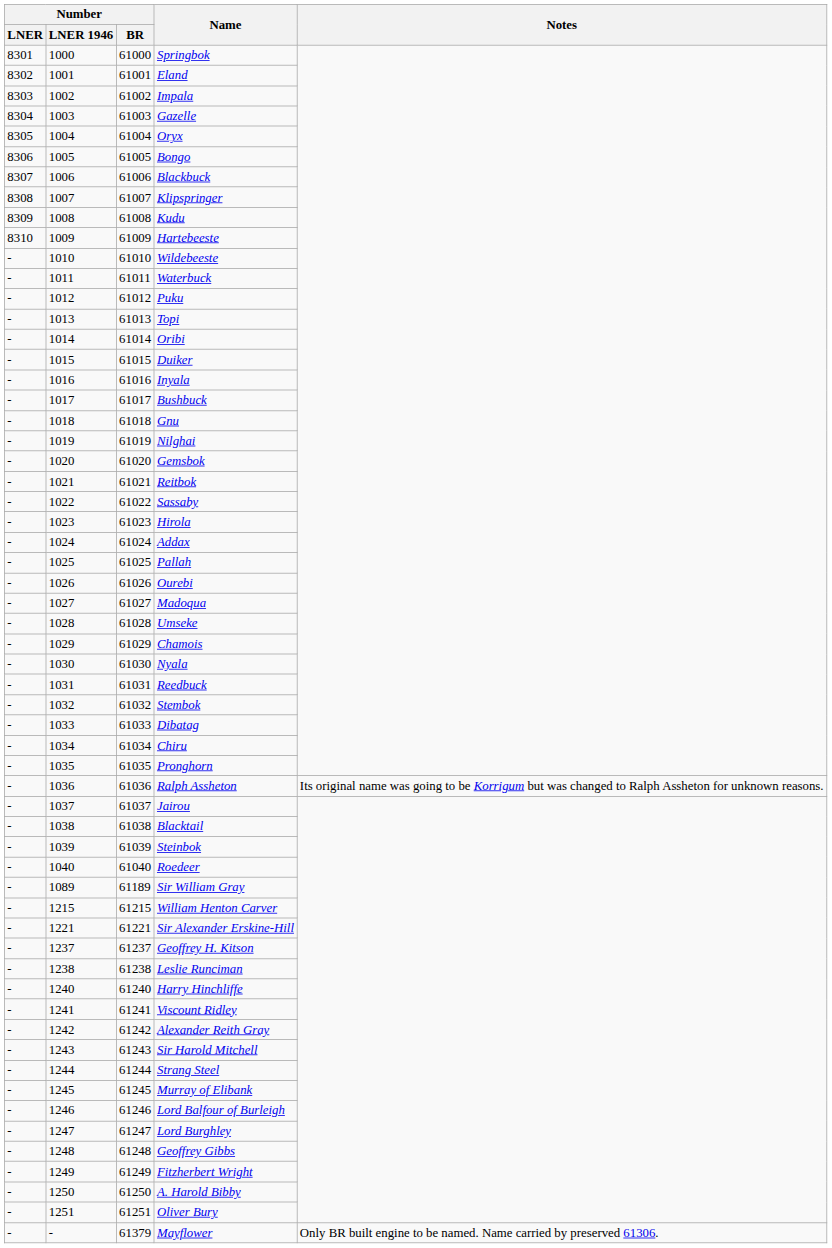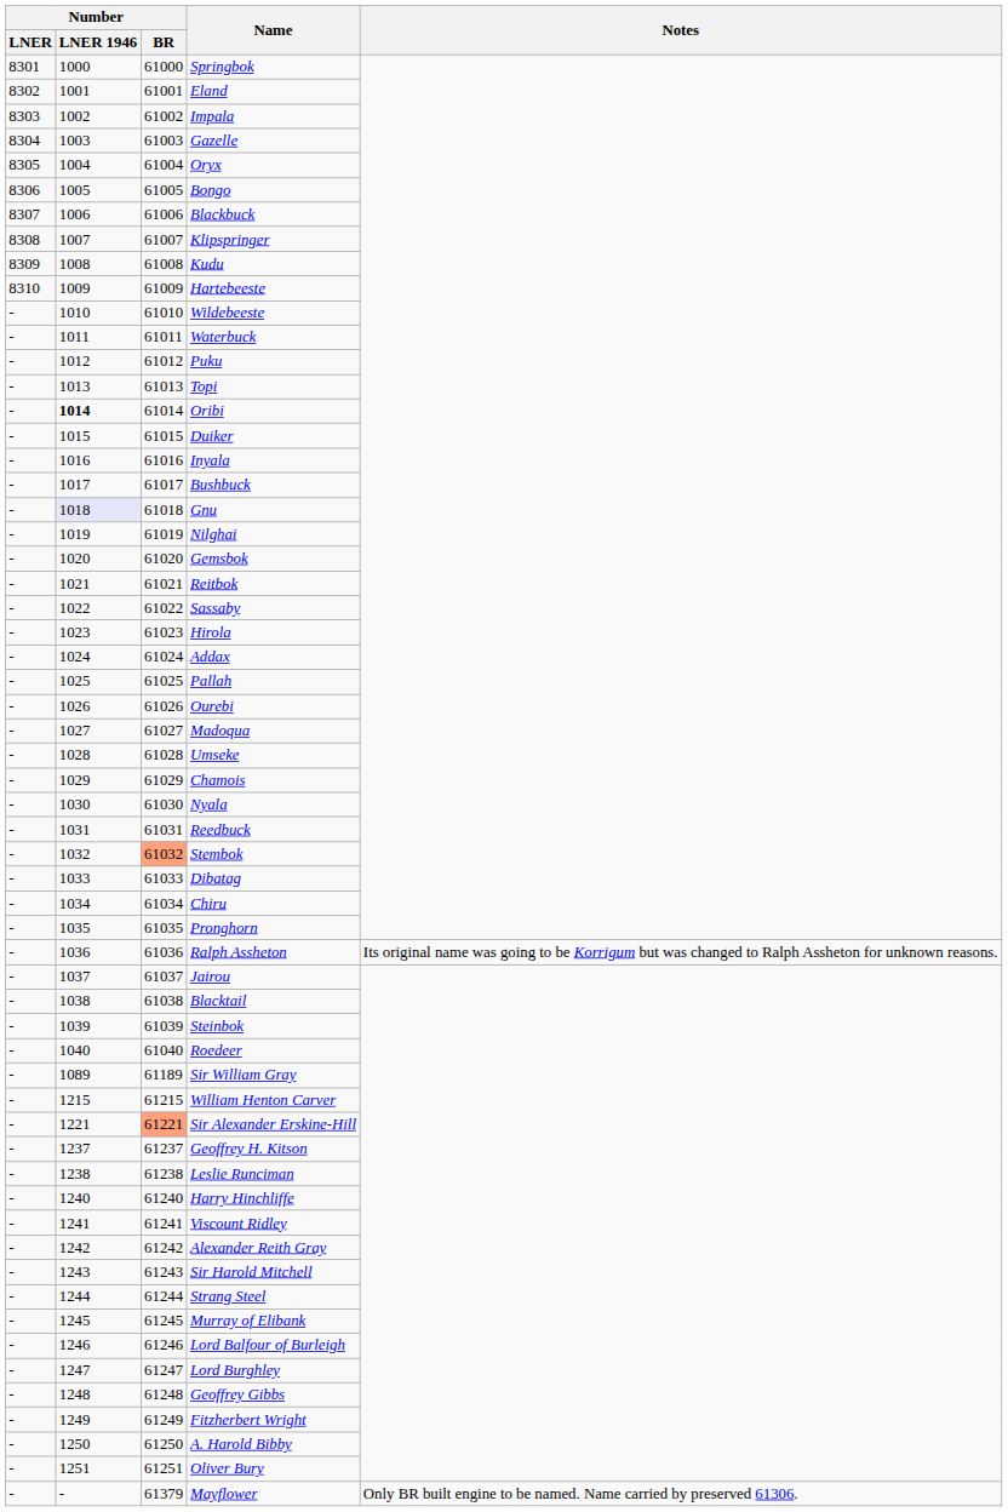 <table class="wikitable collapsible collapsed">
 <tr>
 <th colspan="3">Number</th>
 <th rowspan="2">Name</th>
 <th rowspan="2">Notes</th>
 </tr>
 <tr>
 <th>LNER</th>
 <th>LNER 1946</th>
 <th>BR</th>
 </tr>
 <tr>
 <td>8301</td>
 <td>1000</td>
 <td>61000</td>
 <td><em><a href='#'>Springbok</a></em></td>
 </tr>
 <tr>
 <td>8302</td>
 <td>1001</td>
 <td>61001</td>
 <td><em><a href='#'>Eland</a></em></td>
 </tr>
 <tr>
 <td>8303</td>
 <td>1002</td>
 <td>61002</td>
 <td><em><a href='#'>Impala</a></em></td>
 </tr>
 <tr>
 <td>8304</td>
 <td>1003</td>
 <td>61003</td>
 <td><em><a href='#'>Gazelle</a></em></td>
 </tr>
 <tr>
 <td>8305</td>
 <td>1004</td>
 <td>61004</td>
 <td><em><a href='#'>Oryx</a></em></td>
 </tr>
 <tr>
 <td>8306</td>
 <td>1005</td>
 <td>61005</td>
 <td><em><a href='#'>Bongo</a></em></td>
 </tr>
 <tr>
 <td>8307</td>
 <td>1006</td>
 <td>61006</td>
 <td><em><a href='#'>Blackbuck</a></em></td>
 </tr>
 <tr>
 <td>8308</td>
 <td>1007</td>
 <td>61007</td>
 <td><em><a href='#'>Klipspringer</a></em></td>
 </tr>
 <tr>
 <td>8309</td>
 <td>1008</td>
 <td>61008</td>
 <td><em><a href='#'>Kudu</a></em></td>
 </tr>
 <tr>
 <td>8310</td>
 <td>1009</td>
 <td>61009</td>
 <td><em><a href='#'>Hartebeeste</a></em></td>
 </tr>
 <tr>
 <td>-</td>
 <td>1010</td>
 <td>61010</td>
 <td><em><a href='#'>Wildebeeste</a></em></td>
 </tr>
 <tr>
 <td>-</td>
 <td>1011</td>
 <td>61011</td>
 <td><em><a href='#'>Waterbuck</a></em></td>
 </tr>
 <tr>
 <td>-</td>
 <td>1012</td>
 <td>61012</td>
 <td><em><a href='#'>Puku</a></em></td>
 </tr>
 <tr>
 <td>-</td>
 <td>1013</td>
 <td>61013</td>
 <td><em><a href='#'>Topi</a></em></td>
 </tr>
 <tr>
 <td>-</td>
-<td>1014</td>
+<td><strong>1014</strong></td>
 <td>61014</td>
 <td><em><a href='#'>Oribi</a></em></td>
 </tr>
 <tr>
 <td>-</td>
 <td>1015</td>
 <td>61015</td>
 <td><em><a href='#'>Duiker</a></em></td>
 </tr>
 <tr>
 <td>-</td>
 <td>1016</td>
 <td>61016</td>
 <td><em><a href='#'>Inyala</a></em></td>
 </tr>
 <tr>
 <td>-</td>
 <td>1017</td>
 <td>61017</td>
 <td><em><a href='#'>Bushbuck</a></em></td>
 </tr>
 <tr>
 <td>-</td>
-<td>1018</td>
+<td style="background: lavender;">1018</td>
 <td>61018</td>
 <td><em><a href='#'>Gnu</a></em></td>
 </tr>
 <tr>
 <td>-</td>
 <td>1019</td>
 <td>61019</td>
 <td><em><a href='#'>Nilghai</a></em></td>
 </tr>
 <tr>
 <td>-</td>
 <td>1020</td>
 <td>61020</td>
 <td><em><a href='#'>Gemsbok</a></em></td>
 </tr>
 <tr>
 <td>-</td>
 <td>1021</td>
 <td>61021</td>
 <td><em><a href='#'>Reitbok</a></em></td>
 </tr>
 <tr>
 <td>-</td>
 <td>1022</td>
 <td>61022</td>
 <td><em><a href='#'>Sassaby</a></em></td>
 </tr>
 <tr>
 <td>-</td>
 <td>1023</td>
 <td>61023</td>
 <td><em><a href='#'>Hirola</a></em></td>
 </tr>
 <tr>
 <td>-</td>
 <td>1024</td>
 <td>61024</td>
 <td><em><a href='#'>Addax</a></em></td>
 </tr>
 <tr>
 <td>-</td>
 <td>1025</td>
 <td>61025</td>
 <td><em><a href='#'>Pallah</a></em></td>
 </tr>
 <tr>
 <td>-</td>
 <td>1026</td>
 <td>61026</td>
 <td><em><a href='#'>Ourebi</a></em></td>
 </tr>
 <tr>
 <td>-</td>
 <td>1027</td>
 <td>61027</td>
 <td><em><a href='#'>Madoqua</a></em></td>
 </tr>
 <tr>
 <td>-</td>
 <td>1028</td>
 <td>61028</td>
 <td><em><a href='#'>Umseke</a></em></td>
 </tr>
 <tr>
 <td>-</td>
 <td>1029</td>
 <td>61029</td>
 <td><em><a href='#'>Chamois</a></em></td>
 </tr>
 <tr>
 <td>-</td>
 <td>1030</td>
 <td>61030</td>
 <td><em><a href='#'>Nyala</a></em></td>
 </tr>
 <tr>
 <td>-</td>
 <td>1031</td>
 <td>61031</td>
 <td><em><a href='#'>Reedbuck</a></em></td>
 </tr>
 <tr>
 <td>-</td>
 <td>1032</td>
-<td>61032</td>
+<td style="background: lightsalmon;">61032</td>
 <td><em><a href='#'>Stembok</a></em></td>
 </tr>
 <tr>
 <td>-</td>
 <td>1033</td>
 <td>61033</td>
 <td><em><a href='#'>Dibatag</a></em></td>
 </tr>
 <tr>
 <td>-</td>
 <td>1034</td>
 <td>61034</td>
 <td><em><a href='#'>Chiru</a></em></td>
 </tr>
 <tr>
 <td>-</td>
 <td>1035</td>
 <td>61035</td>
 <td><em><a href='#'>Pronghorn</a></em></td>
 </tr>
 <tr>
 <td>-</td>
 <td>1036</td>
 <td>61036</td>
 <td><em><a href='#'>Ralph Assheton</a></em></td>
 <td>Its original name was going to be <em><a href='#'>Korrigum</a></em> but was changed to Ralph Assheton for unknown reasons.</td>
 </tr>
 <tr>
 <td>-</td>
 <td>1037</td>
 <td>61037</td>
 <td><em><a href='#'>Jairou</a></em></td>
 </tr>
 <tr>
 <td>-</td>
 <td>1038</td>
 <td>61038</td>
 <td><em><a href='#'>Blacktail</a></em></td>
 </tr>
 <tr>
 <td>-</td>
 <td>1039</td>
 <td>61039</td>
 <td><em><a href='#'>Steinbok</a></em></td>
 </tr>
 <tr>
 <td>-</td>
 <td>1040</td>
 <td>61040</td>
 <td><em><a href='#'>Roedeer</a></em></td>
 </tr>
 <tr>
 <td>-</td>
 <td>1089</td>
 <td>61189</td>
 <td><em><a href='#'>Sir William Gray</a></em></td>
 </tr>
 <tr>
 <td>-</td>
 <td>1215</td>
 <td>61215</td>
 <td><em><a href='#'>William Henton Carver</a></em></td>
 </tr>
 <tr>
 <td>-</td>
 <td>1221</td>
-<td>61221</td>
+<td style="background: lightsalmon;">61221</td>
 <td><em><a href='#'>Sir Alexander Erskine-Hill</a></em></td>
 </tr>
 <tr>
 <td>-</td>
 <td>1237</td>
 <td>61237</td>
 <td><em><a href='#'>Geoffrey H. Kitson</a></em></td>
 </tr>
 <tr>
 <td>-</td>
 <td>1238</td>
 <td>61238</td>
 <td><em><a href='#'>Leslie Runciman</a></em></td>
 </tr>
 <tr>
 <td>-</td>
 <td>1240</td>
 <td>61240</td>
 <td><em><a href='#'>Harry Hinchliffe</a></em></td>
 </tr>
 <tr>
 <td>-</td>
 <td>1241</td>
 <td>61241</td>
 <td><em><a href='#'>Viscount Ridley</a></em></td>
 </tr>
 <tr>
 <td>-</td>
 <td>1242</td>
 <td>61242</td>
 <td><em><a href='#'>Alexander Reith Gray</a></em></td>
 </tr>
 <tr>
 <td>-</td>
 <td>1243</td>
 <td>61243</td>
 <td><em><a href='#'>Sir Harold Mitchell</a></em></td>
 </tr>
 <tr>
 <td>-</td>
 <td>1244</td>
 <td>61244</td>
 <td><em><a href='#'>Strang Steel</a></em></td>
 </tr>
 <tr>
 <td>-</td>
 <td>1245</td>
 <td>61245</td>
 <td><em><a href='#'>Murray of Elibank</a></em></td>
 </tr>
 <tr>
 <td>-</td>
 <td>1246</td>
 <td>61246</td>
 <td><em><a href='#'>Lord Balfour of Burleigh</a></em></td>
 </tr>
 <tr>
 <td>-</td>
 <td>1247</td>
 <td>61247</td>
 <td><em><a href='#'>Lord Burghley</a></em></td>
 </tr>
 <tr>
 <td>-</td>
 <td>1248</td>
 <td>61248</td>
 <td><em><a href='#'>Geoffrey Gibbs</a></em></td>
 </tr>
 <tr>
 <td>-</td>
 <td>1249</td>
 <td>61249</td>
 <td><em><a href='#'>Fitzherbert Wright</a></em></td>
 </tr>
 <tr>
 <td>-</td>
 <td>1250</td>
 <td>61250</td>
 <td><em><a href='#'>A. Harold Bibby</a></em></td>
 </tr>
 <tr>
 <td>-</td>
 <td>1251</td>
 <td>61251</td>
 <td><em><a href='#'>Oliver Bury</a></em></td>
 </tr>
 <tr>
 <td>-</td>
 <td>-</td>
 <td>61379</td>
 <td><em><a href='#'>Mayflower</a></em></td>
 <td>Only BR built engine to be named. Name carried by preserved <a href='#'>61306</a>.</td>
 </tr>
 </table>
